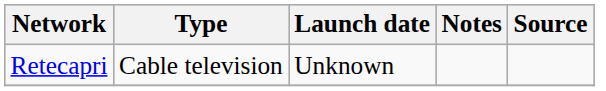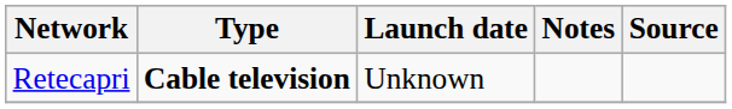 <table class="wikitable sortable">
 <tr>
 <th>Network</th>
 <th>Type</th>
 <th>Launch date</th>
 <th>Notes</th>
 <th>Source</th>
 </tr>
 <tr>
 <td><a href='#'>Retecapri</a></td>
-<td>Cable television</td>
+<td><strong>Cable television</strong></td>
 <td>Unknown</td>
 <td></td>
 <td></td>
 </tr>
 <tr>
 </tr>
 </table>
